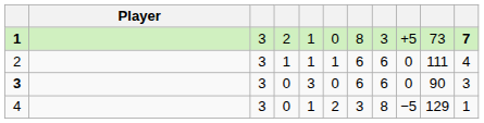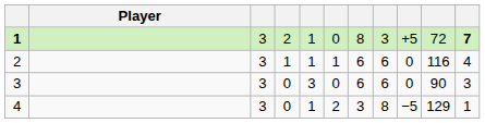 <table class="wikitable" style="text-align:center; margin: 1em auto 1em auto, align:left">
 <tr>
 <th width=20></th>
 <th width=240>Player</th>
 <th width=20></th>
 <th width=20></th>
 <th width=20></th>
 <th width=20></th>
 <th width=20></th>
 <th width=20></th>
 <th width=20></th>
 <th width=30></th>
 <th width=20></th>
 </tr>
 <tr style="background:#D0F0C0;">
 <td><strong>1</strong></td>
 <td align=left></td>
 <td>3</td>
 <td>2</td>
 <td>1</td>
 <td>0</td>
 <td>8</td>
 <td>3</td>
 <td>+5</td>
-<td>73</td>
+<td>72</td>
 <td><strong>7</strong></td>
 </tr>
 <tr style=>
 <td>2</td>
 <td align=left></td>
 <td>3</td>
 <td>1</td>
 <td>1</td>
 <td>1</td>
 <td>6</td>
 <td>6</td>
 <td>0</td>
-<td>111</td>
+<td>116</td>
 <td>4</td>
 </tr>
 <tr style=>
-<td><strong>3</strong></td>
+<td>3</td>
 <td align=left></td>
 <td>3</td>
 <td>0</td>
 <td>3</td>
 <td>0</td>
 <td>6</td>
 <td>6</td>
 <td>0</td>
 <td>90</td>
 <td>3</td>
 </tr>
 <tr style=>
 <td>4</td>
 <td align=left></td>
 <td>3</td>
 <td>0</td>
 <td>1</td>
 <td>2</td>
 <td>3</td>
 <td>8</td>
 <td>−5</td>
 <td>129</td>
 <td>1</td>
 </tr>
 </table>
